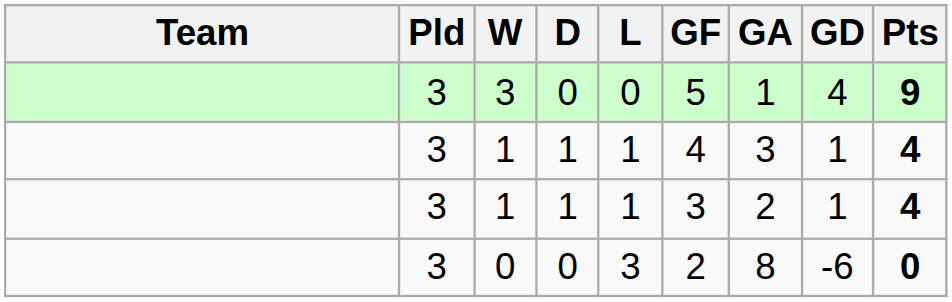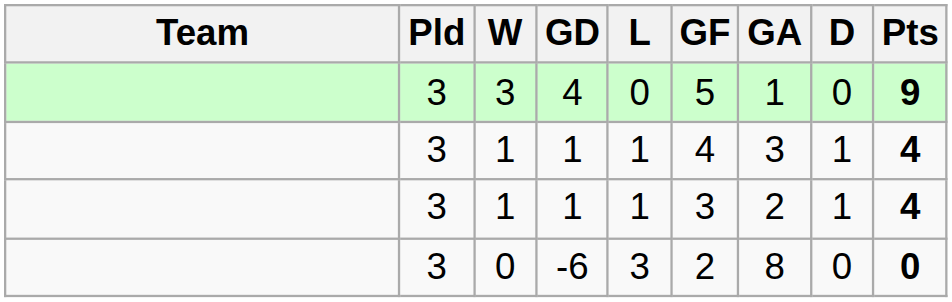 <table class="wikitable" style="text-align:center;">
 <tr>
 <th width=165>Team</th>
 <th width=20>Pld</th>
 <th width=20>W</th>
-<th width=20>D</th>
+<th width=20>GD</th>
 <th width=20>L</th>
 <th width=20>GF</th>
 <th width=20>GA</th>
-<th width=20>GD</th>
+<th width=20>D</th>
 <th width=20>Pts<br></th>
 </tr>
 <tr align=center bgcolor="ccffcc">
 <td style="text-align:left;"></td>
 <td>3</td>
 <td>3</td>
-<td>0</td>
+<td>4</td>
 <td>0</td>
 <td>5</td>
 <td>1</td>
-<td>4</td>
+<td>0</td>
 <td><strong>9</strong></td>
 </tr>
 <tr align=center>
 <td style="text-align:left;"></td>
 <td>3</td>
 <td>1</td>
 <td>1</td>
 <td>1</td>
 <td>4</td>
 <td>3</td>
 <td>1</td>
 <td><strong>4</strong></td>
 </tr>
 <tr align=center>
 <td style="text-align:left;"></td>
 <td>3</td>
 <td>1</td>
 <td>1</td>
 <td>1</td>
 <td>3</td>
 <td>2</td>
 <td>1</td>
 <td><strong>4</strong></td>
 </tr>
 <tr align=center>
 <td style="text-align:left;"></td>
 <td>3</td>
 <td>0</td>
-<td>0</td>
+<td>-6</td>
 <td>3</td>
 <td>2</td>
 <td>8</td>
-<td>-6</td>
+<td>0</td>
 <td><strong>0</strong></td>
 </tr>
 </table>
